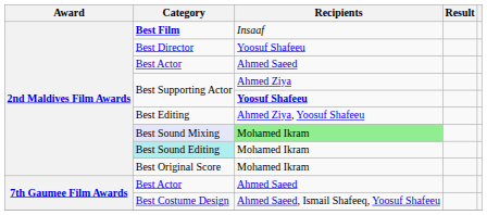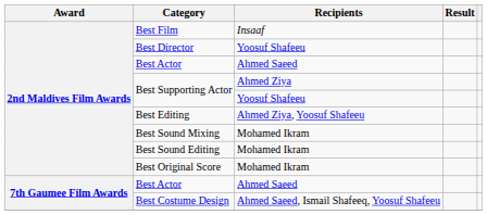 <table class="wikitable plainrowheaders sortable">
 <tr>
 <th scope="col">Award</th>
 <th scope="col">Category</th>
 <th scope="col">Recipients</th>
 <th scope="col">Result</th>
 <th scope="col" class="unsortable"></th>
 </tr>
 <tr>
 <th scope="row" rowspan="9"><a href='#'>2nd Maldives Film Awards</a></th>
-<td><strong><a href='#'>Best Film</a></strong></td>
+<td><a href='#'>Best Film</a></td>
 <td><em>Insaaf</em></td>
 <td></td>
 <td style="text-align:center;"></td>
 </tr>
 <tr>
 <td><a href='#'>Best Director</a></td>
 <td><a href='#'>Yoosuf Shafeeu</a></td>
 <td></td>
 <td style="text-align:center;"></td>
 </tr>
 <tr>
 <td><a href='#'>Best Actor</a></td>
 <td><a href='#'>Ahmed Saeed</a></td>
 <td></td>
 <td style="text-align:center;"></td>
 </tr>
 <tr>
 <td rowspan="2">Best Supporting Actor</td>
 <td><a href='#'>Ahmed Ziya</a></td>
 <td></td>
 <td style="text-align:center;"></td>
 </tr>
 <tr>
-<td><strong><a href='#'>Yoosuf Shafeeu</a></strong></td>
+<td><a href='#'>Yoosuf Shafeeu</a></td>
 <td></td>
 <td style="text-align:center;"></td>
 </tr>
 <tr>
 <td>Best Editing</td>
 <td><a href='#'>Ahmed Ziya</a>, <a href='#'>Yoosuf Shafeeu</a></td>
 <td></td>
 <td style="text-align:center;"></td>
 </tr>
 <tr>
-<td style="background: lavender;">Best Sound Mixing</td>
-<td style="background: lightgreen;">Mohamed Ikram</td>
+<td>Best Sound Mixing</td>
+<td>Mohamed Ikram</td>
 <td></td>
 <td style="text-align:center;"></td>
 </tr>
 <tr>
-<td style="background: paleturquoise;">Best Sound Editing</td>
+<td>Best Sound Editing</td>
 <td>Mohamed Ikram</td>
 <td></td>
 <td style="text-align:center;"></td>
 </tr>
 <tr>
 <td>Best Original Score</td>
 <td>Mohamed Ikram</td>
 <td></td>
 <td style="text-align:center;"></td>
 </tr>
 <tr>
 <th scope="row" rowspan="2"><a href='#'>7th Gaumee Film Awards</a></th>
 <td><a href='#'>Best Actor</a></td>
 <td><a href='#'>Ahmed Saeed</a></td>
 <td></td>
 <td style="text-align:center;"></td>
 </tr>
 <tr>
 <td><a href='#'>Best Costume Design</a></td>
 <td><a href='#'>Ahmed Saeed</a>, Ismail Shafeeq, <a href='#'>Yoosuf Shafeeu</a></td>
 <td></td>
 <td style="text-align:center;"></td>
 </tr>
 <tr>
 </tr>
 </table>
